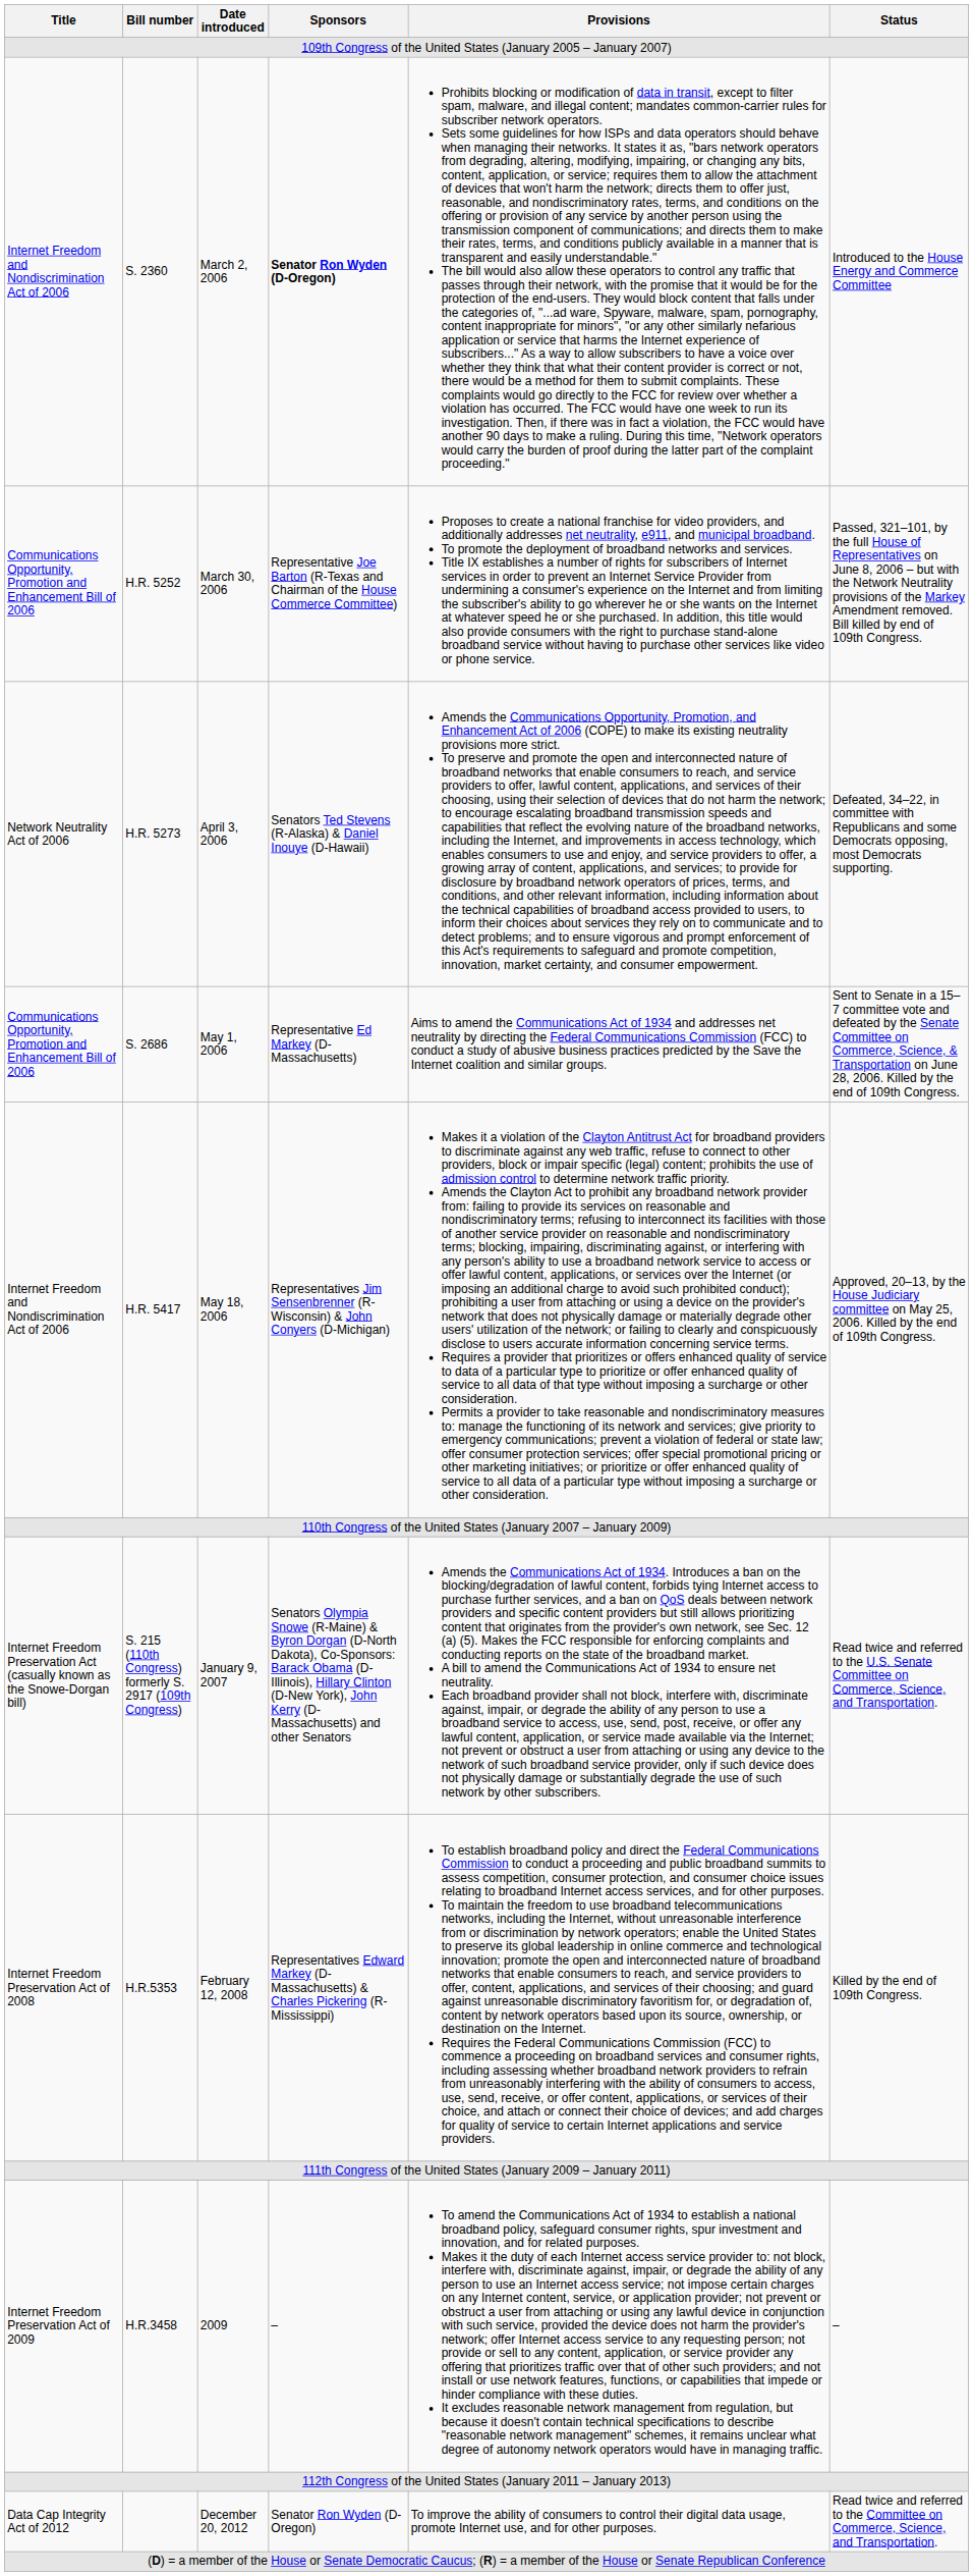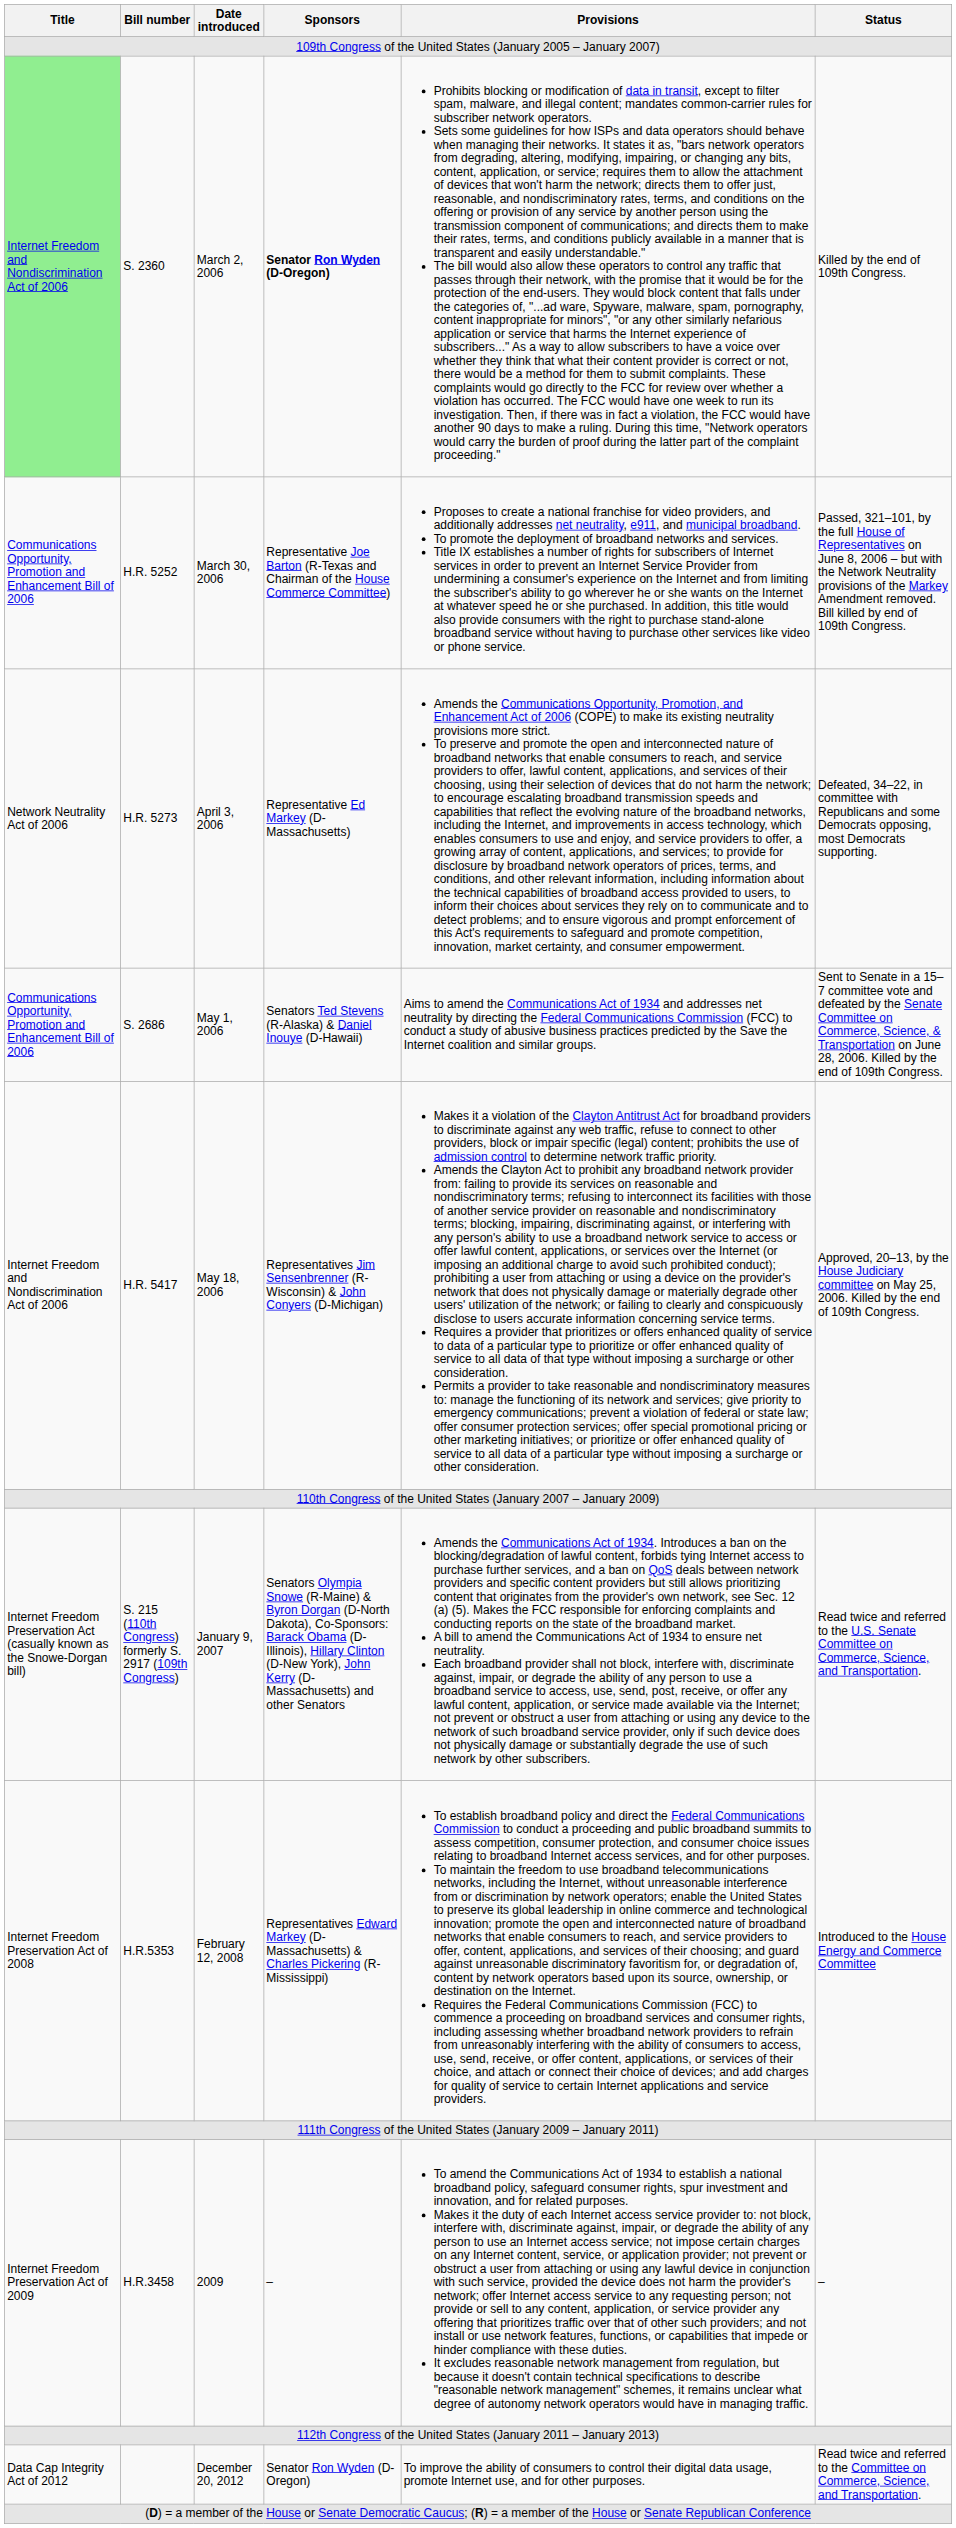 <table class="wikitable" style="width:100%; margin:1em auto 1em auto;">
 <tr>
 <th>Title</th>
 <th>Bill number</th>
 <th>Date introduced</th>
 <th>Sponsors</th>
 <th>Provisions</th>
 <th>Status</th>
 </tr>
 <tr>
 <td colspan="6" style="text-align:center; background:#e5e5e5;"><a href='#'>109th Congress</a> of the United States (January 2005 – January 2007)</td>
 </tr>
 <tr>
-<td><a href='#'>Internet Freedom and Nondiscrimination Act of 2006</a></td>
+<td style="background: lightgreen;"><a href='#'>Internet Freedom and Nondiscrimination Act of 2006</a></td>
 <td>S. 2360</td>
 <td>March 2, 2006</td>
 <td><strong>Senator <a href='#'>Ron Wyden</a> (D-Oregon)</strong></td>
 <td><br><ul><li>Prohibits blocking or modification of <a href='#'>data in transit</a>, except to filter spam, malware, and illegal content; mandates common-carrier rules for subscriber network operators.</li><li>Sets some guidelines for how ISPs and data operators should behave when managing their networks. It states it as, "bars network operators from degrading, altering, modifying, impairing, or changing any bits, content, application, or service; requires them to allow the attachment of devices that won't harm the network; directs them to offer just, reasonable, and nondiscriminatory rates, terms, and conditions on the offering or provision of any service by another person using the transmission component of communications; and directs them to make their rates, terms, and conditions publicly available in a manner that is transparent and easily understandable."</li><li>The bill would also allow these operators to control any traffic that passes through their network, with the promise that it would be for the protection of the end-users. They would block content that falls under the categories of, "...ad ware, Spyware, malware, spam, pornography, content inappropriate for minors", "or any other similarly nefarious application or service that harms the Internet experience of subscribers..." As a way to allow subscribers to have a voice over whether they think that what their content provider is correct or not, there would be a method for them to submit complaints. These complaints would go directly to the FCC for review over whether a violation has occurred. The FCC would have one week to run its investigation. Then, if there was in fact a violation, the FCC would have another 90 days to make a ruling. During this time, "Network operators would carry the burden of proof during the latter part of the complaint proceeding."</li></ul></td>
-<td>Introduced to the <a href='#'>House Energy and Commerce Committee</a></td>
+<td>Killed by the end of 109th Congress.</td>
 </tr>
 <tr>
 <td><a href='#'>Communications Opportunity, Promotion and Enhancement Bill of 2006</a></td>
 <td>H.R. 5252</td>
 <td>March 30, 2006</td>
 <td>Representative <a href='#'>Joe Barton</a> (R-Texas and Chairman of the <a href='#'>House Commerce Committee</a>)</td>
 <td><br><ul><li>Proposes to create a national franchise for video providers, and additionally addresses <a href='#'>net neutrality</a>, <a href='#'>e911</a>, and <a href='#'>municipal broadband</a>.</li><li>To promote the deployment of broadband networks and services.</li><li>Title IX establishes a number of rights for subscribers of Internet services in order to prevent an Internet Service Provider from undermining a consumer's experience on the Internet and from limiting the subscriber's ability to go wherever he or she wants on the Internet at whatever speed he or she purchased. In addition, this title would also provide consumers with the right to purchase stand-alone broadband service without having to purchase other services like video or phone service.</li></ul></td>
 <td>Passed, 321–101, by the full <a href='#'>House of Representatives</a> on June 8, 2006 – but with the Network Neutrality provisions of the <a href='#'>Markey</a> Amendment removed. Bill killed by end of 109th Congress.</td>
 </tr>
 <tr>
 <td>Network Neutrality Act of 2006</td>
 <td>H.R. 5273</td>
 <td>April 3, 2006</td>
-<td>Senators <a href='#'>Ted Stevens</a> (R-Alaska) & <a href='#'>Daniel Inouye</a> (D-Hawaii)</td>
+<td>Representative <a href='#'>Ed Markey</a> (D-Massachusetts)</td>
 <td><br><ul><li>Amends the <a href='#'>Communications Opportunity, Promotion, and Enhancement Act of 2006</a> (COPE) to make its existing neutrality provisions more strict.</li><li>To preserve and promote the open and interconnected nature of broadband networks that enable consumers to reach, and service providers to offer, lawful content, applications, and services of their choosing, using their selection of devices that do not harm the network; to encourage escalating broadband transmission speeds and capabilities that reflect the evolving nature of the broadband networks, including the Internet, and improvements in access technology, which enables consumers to use and enjoy, and service providers to offer, a growing array of content, applications, and services; to provide for disclosure by broadband network operators of prices, terms, and conditions, and other relevant information, including information about the technical capabilities of broadband access provided to users, to inform their choices about services they rely on to communicate and to detect problems; and to ensure vigorous and prompt enforcement of this Act's requirements to safeguard and promote competition, innovation, market certainty, and consumer empowerment.</li></ul></td>
 <td>Defeated, 34–22, in committee with Republicans and some Democrats opposing, most Democrats supporting.</td>
 </tr>
 <tr>
 <td><a href='#'>Communications Opportunity, Promotion and Enhancement Bill of 2006</a></td>
 <td>S. 2686</td>
 <td>May 1, 2006</td>
-<td>Representative <a href='#'>Ed Markey</a> (D-Massachusetts)</td>
+<td>Senators <a href='#'>Ted Stevens</a> (R-Alaska) & <a href='#'>Daniel Inouye</a> (D-Hawaii)</td>
 <td>Aims to amend the <a href='#'>Communications Act of 1934</a> and addresses net neutrality by directing the <a href='#'>Federal Communications Commission</a> (FCC) to conduct a study of abusive business practices predicted by the Save the Internet coalition and similar groups.</td>
 <td>Sent to Senate in a 15–7 committee vote and defeated by the <a href='#'>Senate Committee on Commerce, Science, & Transportation</a> on June 28, 2006. Killed by the end of 109th Congress.</td>
 </tr>
 <tr>
 <td>Internet Freedom and Nondiscrimination Act of 2006</td>
 <td>H.R. 5417</td>
 <td>May 18, 2006</td>
 <td>Representatives <a href='#'>Jim Sensenbrenner</a> (R-Wisconsin) & <a href='#'>John Conyers</a> (D-Michigan)</td>
 <td><br><ul><li>Makes it a violation of the <a href='#'>Clayton Antitrust Act</a> for broadband providers to discriminate against any web traffic, refuse to connect to other providers, block or impair specific (legal) content; prohibits the use of <a href='#'>admission control</a> to determine network traffic priority.</li><li>Amends the Clayton Act to prohibit any broadband network provider from: failing to provide its services on reasonable and nondiscriminatory terms; refusing to interconnect its facilities with those of another service provider on reasonable and nondiscriminatory terms; blocking, impairing, discriminating against, or interfering with any person's ability to use a broadband network service to access or offer lawful content, applications, or services over the Internet (or imposing an additional charge to avoid such prohibited conduct); prohibiting a user from attaching or using a device on the provider's network that does not physically damage or materially degrade other users' utilization of the network; or failing to clearly and conspicuously disclose to users accurate information concerning service terms.</li><li>Requires a provider that prioritizes or offers enhanced quality of service to data of a particular type to prioritize or offer enhanced quality of service to all data of that type without imposing a surcharge or other consideration.</li><li>Permits a provider to take reasonable and nondiscriminatory measures to: manage the functioning of its network and services; give priority to emergency communications; prevent a violation of federal or state law; offer consumer protection services; offer special promotional pricing or other marketing initiatives; or prioritize or offer enhanced quality of service to all data of a particular type without imposing a surcharge or other consideration.</li></ul></td>
 <td>Approved, 20–13, by the <a href='#'>House Judiciary committee</a> on May 25, 2006. Killed by the end of 109th Congress.</td>
 </tr>
 <tr>
 <td colspan="6" style="text-align:center; background:#e5e5e5;"><a href='#'>110th Congress</a> of the United States (January 2007 – January 2009)</td>
 </tr>
 <tr>
 <td>Internet Freedom Preservation Act (casually known as the Snowe-Dorgan bill)</td>
 <td>S. 215 (<a href='#'>110th Congress</a>) formerly S. 2917 (<a href='#'>109th Congress</a>)</td>
 <td>January 9, 2007</td>
 <td>Senators <a href='#'>Olympia Snowe</a> (R-Maine) & <a href='#'>Byron Dorgan</a> (D-North Dakota), Co-Sponsors: <a href='#'>Barack Obama</a> (D-Illinois), <a href='#'>Hillary Clinton</a> (D-New York), <a href='#'>John Kerry</a> (D-Massachusetts) and other Senators</td>
 <td><br><ul><li>Amends the <a href='#'>Communications Act of 1934</a>. Introduces a ban on the blocking/degradation of lawful content, forbids tying Internet access to purchase further services, and a ban on <a href='#'>QoS</a> deals between network providers and specific content providers but still allows prioritizing content that originates from the provider's own network, see Sec. 12 (a) (5). Makes the FCC responsible for enforcing complaints and conducting reports on the state of the broadband market.</li><li>A bill to amend the Communications Act of 1934 to ensure net neutrality.</li><li>Each broadband provider shall not block, interfere with, discriminate against, impair, or degrade the ability of any person to use a broadband service to access, use, send, post, receive, or offer any lawful content, application, or service made available via the Internet; not prevent or obstruct a user from attaching or using any device to the network of such broadband service provider, only if such device does not physically damage or substantially degrade the use of such network by other subscribers.</li></ul></td>
 <td>Read twice and referred to the <a href='#'>U.S. Senate Committee on Commerce, Science, and Transportation</a>.</td>
 </tr>
 <tr>
 <td>Internet Freedom Preservation Act of 2008</td>
 <td>H.R.5353</td>
 <td>February 12, 2008</td>
 <td>Representatives <a href='#'>Edward Markey</a> (D-Massachusetts) & <a href='#'>Charles Pickering</a> (R-Mississippi)</td>
 <td><br><ul><li>To establish broadband policy and direct the <a href='#'>Federal Communications Commission</a> to conduct a proceeding and public broadband summits to assess competition, consumer protection, and consumer choice issues relating to broadband Internet access services, and for other purposes.</li><li>To maintain the freedom to use broadband telecommunications networks, including the Internet, without unreasonable interference from or discrimination by network operators; enable the United States to preserve its global leadership in online commerce and technological innovation; promote the open and interconnected nature of broadband networks that enable consumers to reach, and service providers to offer, content, applications, and services of their choosing; and guard against unreasonable discriminatory favoritism for, or degradation of, content by network operators based upon its source, ownership, or destination on the Internet.</li><li>Requires the Federal Communications Commission (FCC) to commence a proceeding on broadband services and consumer rights, including assessing whether broadband network providers to refrain from unreasonably interfering with the ability of consumers to access, use, send, receive, or offer content, applications, or services of their choice, and attach or connect their choice of devices; and add charges for quality of service to certain Internet applications and service providers.</li></ul></td>
-<td>Killed by the end of 109th Congress.</td>
+<td>Introduced to the <a href='#'>House Energy and Commerce Committee</a></td>
 </tr>
 <tr>
 <td colspan="6" style="text-align:center; background:#e5e5e5;"><a href='#'>111th Congress</a> of the United States (January 2009 – January 2011)</td>
 </tr>
 <tr>
 <td>Internet Freedom Preservation Act of 2009</td>
 <td>H.R.3458</td>
 <td>2009</td>
 <td>–</td>
 <td><br><ul><li>To amend the Communications Act of 1934 to establish a national broadband policy, safeguard consumer rights, spur investment and innovation, and for related purposes.</li><li>Makes it the duty of each Internet access service provider to: not block, interfere with, discriminate against, impair, or degrade the ability of any person to use an Internet access service; not impose certain charges on any Internet content, service, or application provider; not prevent or obstruct a user from attaching or using any lawful device in conjunction with such service, provided the device does not harm the provider's network; offer Internet access service to any requesting person; not provide or sell to any content, application, or service provider any offering that prioritizes traffic over that of other such providers; and not install or use network features, functions, or capabilities that impede or hinder compliance with these duties.</li><li>It excludes reasonable network management from regulation, but because it doesn't contain technical specifications to describe "reasonable network management" schemes, it remains unclear what degree of autonomy network operators would have in managing traffic.</li></ul></td>
 <td>–</td>
 </tr>
 <tr>
 <td colspan="6" style="text-align:center; background:#e5e5e5;"><a href='#'>112th Congress</a> of the United States (January 2011 – January 2013)</td>
 </tr>
 <tr>
 <td>Data Cap Integrity Act of 2012</td>
 <td></td>
 <td>December 20, 2012</td>
 <td>Senator <a href='#'>Ron Wyden</a> (D-Oregon)</td>
 <td>To improve the ability of consumers to control their digital data usage, promote Internet use, and for other purposes.</td>
 <td>Read twice and referred to the <a href='#'>Committee on Commerce, Science, and Transportation</a>.</td>
 </tr>
 <tr>
 <td colspan="6" style="text-align:center; background:#e5e5e5;">(<strong>D</strong>) = a member of the <a href='#'>House</a> or <a href='#'>Senate Democratic Caucus</a>; (<strong>R</strong>) = a member of the <a href='#'>House</a> or <a href='#'>Senate Republican Conference</a></td>
 </tr>
 </table>
